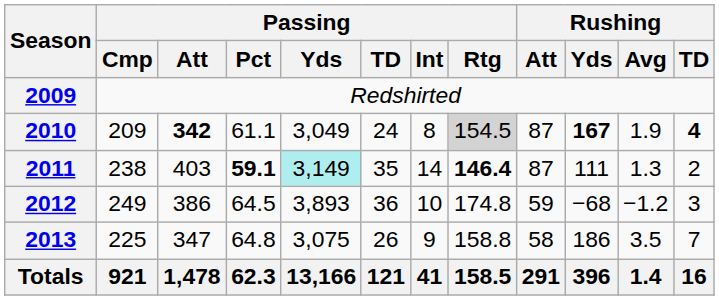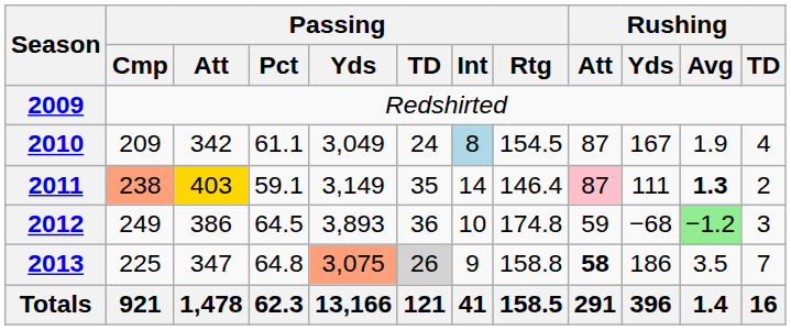 <table class=wikitable style="text-align:center;">
 <tr>
 <th rowspan="2">Season</th>
 <th colspan="7">Passing</th>
 <th colspan="4">Rushing</th>
 </tr>
 <tr>
 <th>Cmp</th>
 <th>Att</th>
 <th>Pct</th>
 <th>Yds</th>
 <th>TD</th>
 <th>Int</th>
 <th>Rtg</th>
 <th>Att</th>
 <th>Yds</th>
 <th>Avg</th>
 <th>TD</th>
 </tr>
 <tr>
 <th><a href='#'>2009</a></th>
 <td colspan="11"><em>Redshirted</em></td>
 </tr>
 <tr>
 <th><a href='#'>2010</a></th>
 <td>209</td>
-<td><strong>342</strong></td>
+<td>342</td>
 <td>61.1</td>
 <td>3,049</td>
 <td>24</td>
-<td>8</td>
-<td style="background: lightgrey;">154.5</td>
+<td style="background: lightblue;">8</td>
+<td>154.5</td>
 <td>87</td>
-<td><strong>167</strong></td>
+<td>167</td>
 <td>1.9</td>
-<td><strong>4</strong></td>
+<td>4</td>
 </tr>
 <tr>
 <th><a href='#'>2011</a></th>
-<td>238</td>
-<td>403</td>
-<td><strong>59.1</strong></td>
-<td style="background: paleturquoise;">3,149</td>
+<td style="background: lightsalmon;">238</td>
+<td style="background: gold;">403</td>
+<td>59.1</td>
+<td>3,149</td>
 <td>35</td>
 <td>14</td>
-<td><strong>146.4</strong></td>
-<td>87</td>
+<td>146.4</td>
+<td style="background: pink;">87</td>
 <td>111</td>
-<td>1.3</td>
+<td><strong>1.3</strong></td>
 <td>2</td>
 </tr>
 <tr>
 <th><a href='#'>2012</a></th>
 <td>249</td>
 <td>386</td>
 <td>64.5</td>
 <td>3,893</td>
 <td>36</td>
 <td>10</td>
 <td>174.8</td>
 <td>59</td>
 <td>−68</td>
-<td>−1.2</td>
+<td style="background: lightgreen;">−1.2</td>
 <td>3</td>
 </tr>
 <tr>
 <th><a href='#'>2013</a></th>
 <td>225</td>
 <td>347</td>
 <td>64.8</td>
-<td>3,075</td>
-<td>26</td>
+<td style="background: lightsalmon;">3,075</td>
+<td style="background: lightgrey;">26</td>
 <td>9</td>
 <td>158.8</td>
-<td>58</td>
+<td><strong>58</strong></td>
 <td>186</td>
 <td>3.5</td>
 <td>7</td>
 </tr>
 <tr>
 <th>Totals</th>
 <th>921</th>
 <th>1,478</th>
 <th>62.3</th>
 <th>13,166</th>
 <th>121</th>
 <th>41</th>
 <th>158.5</th>
 <th>291</th>
 <th>396</th>
 <th>1.4</th>
 <th>16</th>
 </tr>
 </table>
